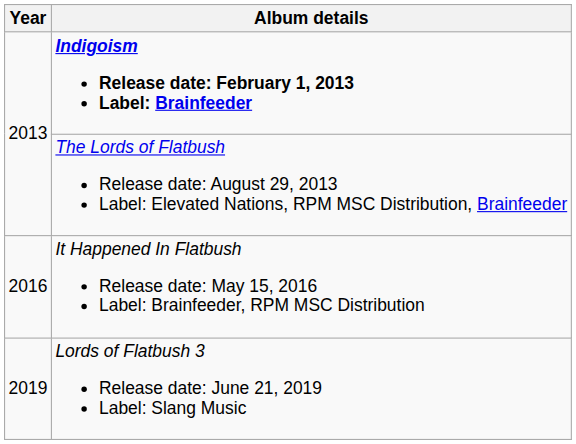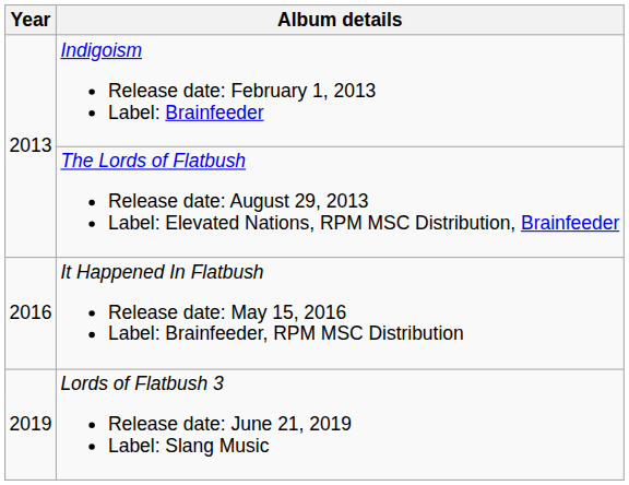 <table class="wikitable" style="text-align:center;">
 <tr>
 <th>Year</th>
 <th>Album details</th>
 </tr>
 <tr>
 <td rowspan="2">2013</td>
-<td style="text-align:left;"><strong><em><a href='#'>Indigoism</a></em><br><ul><li>Release date: February 1, 2013</li><li>Label: <a href='#'>Brainfeeder</a></li></ul></strong></td>
+<td style="text-align:left;"><em><a href='#'>Indigoism</a></em><br><ul><li>Release date: February 1, 2013</li><li>Label: <a href='#'>Brainfeeder</a></li></ul></td>
 </tr>
 <tr>
 <td style="text-align:left;"><em><a href='#'>The Lords of Flatbush</a></em><br><ul><li>Release date: August 29, 2013</li><li>Label: Elevated Nations, RPM MSC Distribution, <a href='#'>Brainfeeder</a></li></ul></td>
 </tr>
 <tr>
 <td rowspan="1">2016</td>
 <td style="text-align:left;"><em>It Happened In Flatbush</em><br><ul><li>Release date: May 15, 2016</li><li>Label: Brainfeeder, RPM MSC Distribution</li></ul></td>
 </tr>
 <tr>
 <td>2019</td>
 <td style="text-align:left;"><em>Lords of Flatbush 3</em><br><ul><li>Release date: June 21, 2019</li><li>Label: Slang Music</li></ul></td>
 </tr>
 </table>
